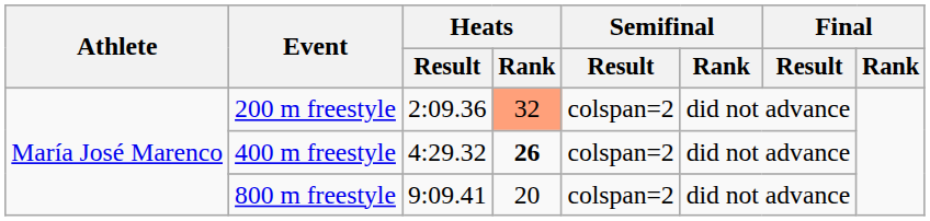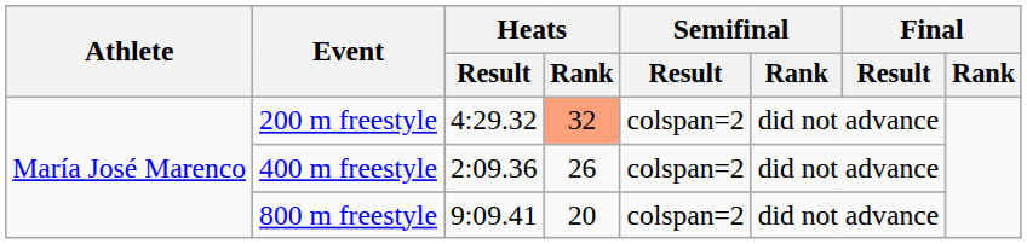 <table class="wikitable" style="font-size:90%; text-align: center">
 <tr>
 <th rowspan="2">Athlete</th>
 <th rowspan="2">Event</th>
 <th colspan="2">Heats</th>
 <th colspan="2">Semifinal</th>
 <th colspan="2">Final</th>
 </tr>
 <tr style="font-size:95%">
 <th>Result</th>
 <th>Rank</th>
 <th>Result</th>
 <th>Rank</th>
 <th>Result</th>
 <th>Rank</th>
 </tr>
 <tr align=center>
 <td align=left rowspan=3><a href='#'>María José Marenco</a></td>
 <td align=left><a href='#'>200 m freestyle</a></td>
-<td>2:09.36</td>
+<td>4:29.32</td>
 <td style="background: lightsalmon;">32</td>
 <td>colspan=2 </td>
 <td colspan=2>did not advance</td>
 </tr>
 <tr align=center>
 <td align=left><a href='#'>400 m freestyle</a></td>
-<td>4:29.32</td>
-<td><strong>26</strong></td>
+<td>2:09.36</td>
+<td>26</td>
 <td>colspan=2 </td>
 <td colspan=2>did not advance</td>
 </tr>
 <tr align=center>
 <td align=left><a href='#'>800 m freestyle</a></td>
 <td>9:09.41</td>
 <td>20</td>
 <td>colspan=2 </td>
 <td colspan=2>did not advance</td>
 </tr>
 </table>
